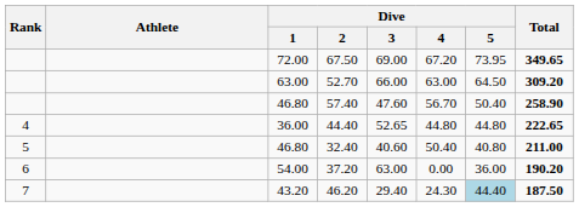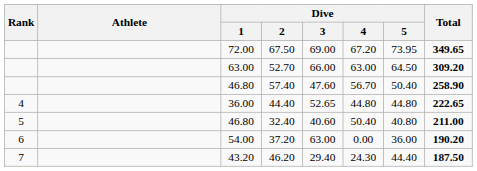 <table class=wikitable style="text-align:center">
 <tr>
 <th rowspan="2" width=40>Rank</th>
 <th rowspan="2" width=250>Athlete</th>
 <th colspan="5">Dive</th>
 <th rowspan="2" width=60>Total</th>
 </tr>
 <tr>
 <th width=50>1</th>
 <th width=50>2</th>
 <th width=50>3</th>
 <th width=50>4</th>
 <th width=50>5</th>
 </tr>
 <tr>
 <td></td>
 <td align=left></td>
 <td>72.00</td>
 <td>67.50</td>
 <td>69.00</td>
 <td>67.20</td>
 <td>73.95</td>
 <td><strong>349.65</strong></td>
 </tr>
 <tr>
 <td></td>
 <td align=left></td>
 <td>63.00</td>
 <td>52.70</td>
 <td>66.00</td>
 <td>63.00</td>
 <td>64.50</td>
 <td><strong>309.20</strong></td>
 </tr>
 <tr>
 <td></td>
 <td align=left></td>
 <td>46.80</td>
 <td>57.40</td>
 <td>47.60</td>
 <td>56.70</td>
 <td>50.40</td>
 <td><strong>258.90</strong></td>
 </tr>
 <tr>
 <td>4</td>
 <td align=left></td>
 <td>36.00</td>
 <td>44.40</td>
 <td>52.65</td>
 <td>44.80</td>
 <td>44.80</td>
 <td><strong>222.65</strong></td>
 </tr>
 <tr>
 <td>5</td>
 <td align=left></td>
 <td>46.80</td>
 <td>32.40</td>
 <td>40.60</td>
 <td>50.40</td>
 <td>40.80</td>
 <td><strong>211.00</strong></td>
 </tr>
 <tr>
 <td>6</td>
 <td align=left></td>
 <td>54.00</td>
 <td>37.20</td>
 <td>63.00</td>
 <td>0.00</td>
 <td>36.00</td>
 <td><strong>190.20</strong></td>
 </tr>
 <tr>
 <td>7</td>
 <td align=left></td>
 <td>43.20</td>
 <td>46.20</td>
 <td>29.40</td>
 <td>24.30</td>
-<td style="background: lightblue;">44.40</td>
+<td>44.40</td>
 <td><strong>187.50</strong></td>
 </tr>
 </table>
